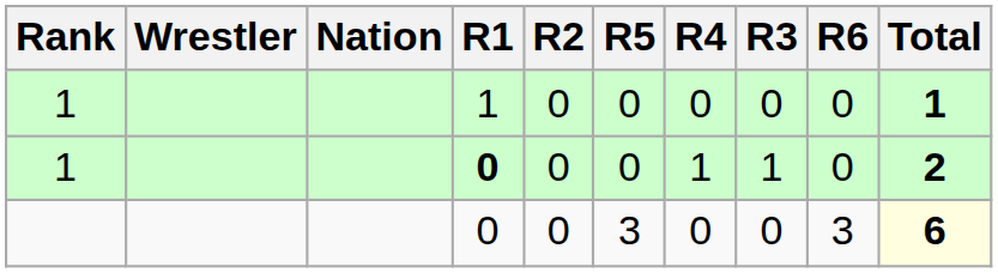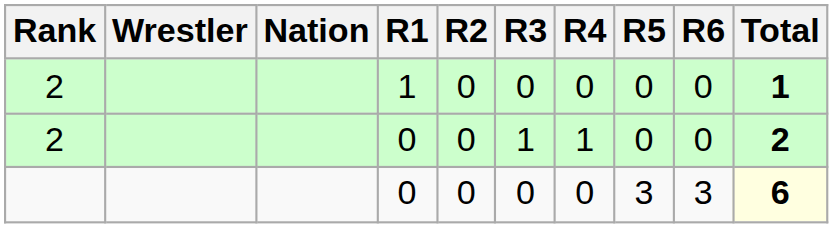 <table class="wikitable sortable" style="text-align:center;">
 <tr>
 <th>Rank</th>
 <th>Wrestler</th>
 <th>Nation</th>
 <th>R1</th>
 <th>R2</th>
+<th>R3</th>
+<th>R4</th>
 <th>R5</th>
-<th>R4</th>
-<th>R3</th>
 <th>R6</th>
 <th>Total</th>
 </tr>
 <tr style="background:#cfc;">
-<td>1</td>
+<td>2</td>
 <td align=left></td>
 <td align=left></td>
 <td>1</td>
 <td>0</td>
 <td>0</td>
 <td>0</td>
 <td>0</td>
 <td>0</td>
 <td><strong>1</strong></td>
 </tr>
 <tr style="background:#cfc;">
-<td>1</td>
+<td>2</td>
 <td align=left></td>
 <td align=left></td>
-<td><strong>0</strong></td>
 <td>0</td>
 <td>0</td>
 <td>1</td>
 <td>1</td>
+<td>0</td>
 <td>0</td>
 <td><strong>2</strong></td>
 </tr>
 <tr>
 <td></td>
 <td align=left></td>
 <td align=left></td>
 <td>0</td>
 <td>0</td>
-<td>3</td>
 <td>0</td>
 <td>0</td>
+<td>3</td>
 <td>3</td>
 <td style="background: lightyellow;"><strong>6</strong></td>
 </tr>
 </table>
